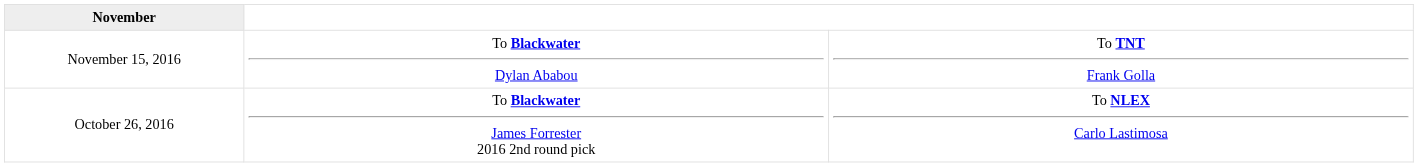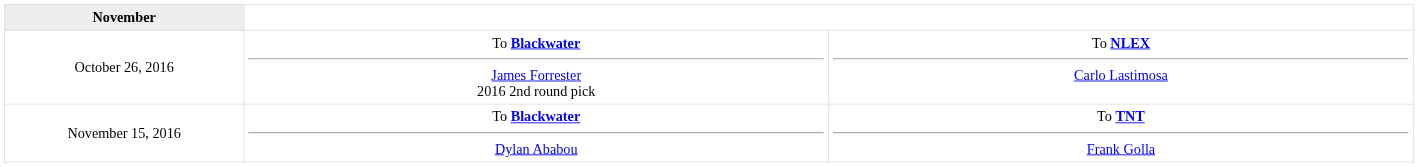 <table border=1 style="border-collapse:collapse; text-align: center; width: 100%" bordercolor="#DFDFDF"  cellpadding="5">
 <tr bgcolor="eeeeee">
 <th>November</th>
+</tr>
+<tr>
+<td style="width:12%">October 26, 2016</td>
+<td style="width:29.3%" valign="top">To <strong><a href='#'>Blackwater</a></strong><hr><a href='#'>James Forrester</a><br>2016 2nd round pick</td>
+<td style="width:29.3%" valign="top">To <strong><a href='#'>NLEX</a></strong><hr><a href='#'>Carlo Lastimosa</a></td>
 </tr>
 <tr>
 <td style="width:12%">November 15, 2016</td>
 <td style="width:29.3%" valign="top">To <strong><a href='#'>Blackwater</a></strong><hr><a href='#'>Dylan Ababou</a></td>
 <td style="width:29.3%" valign="top">To <strong><a href='#'>TNT</a></strong><hr><a href='#'>Frank Golla</a></td>
 </tr>
-<tr>
-<td style="width:12%">October 26, 2016</td>
-<td style="width:29.3%" valign="top">To <strong><a href='#'>Blackwater</a></strong><hr><a href='#'>James Forrester</a><br>2016 2nd round pick</td>
-<td style="width:29.3%" valign="top">To <strong><a href='#'>NLEX</a></strong><hr><a href='#'>Carlo Lastimosa</a></td>
-</tr>
 </table>
